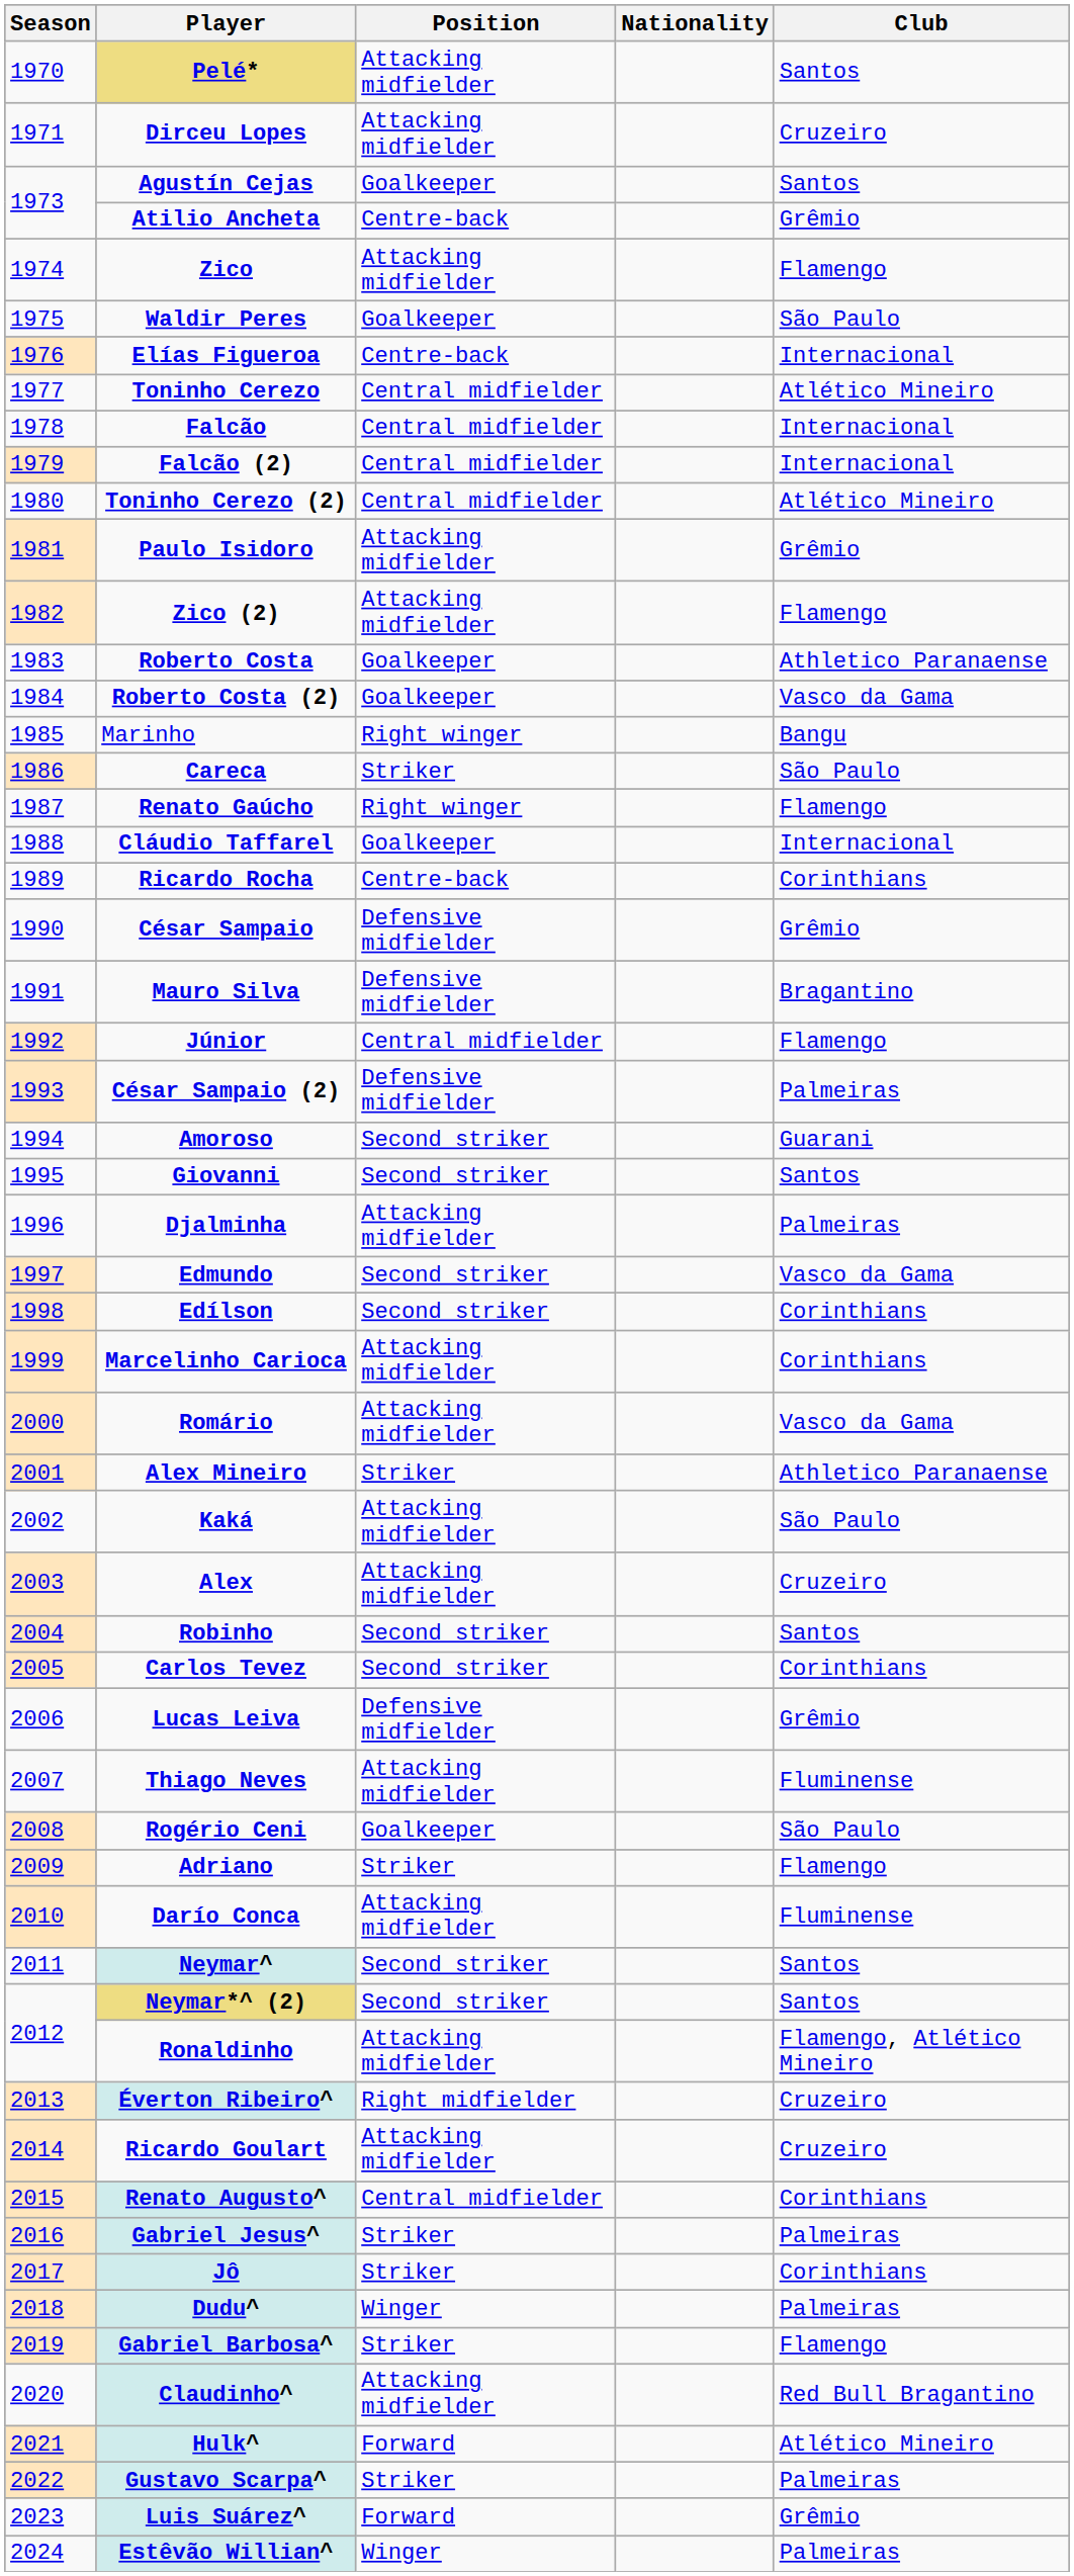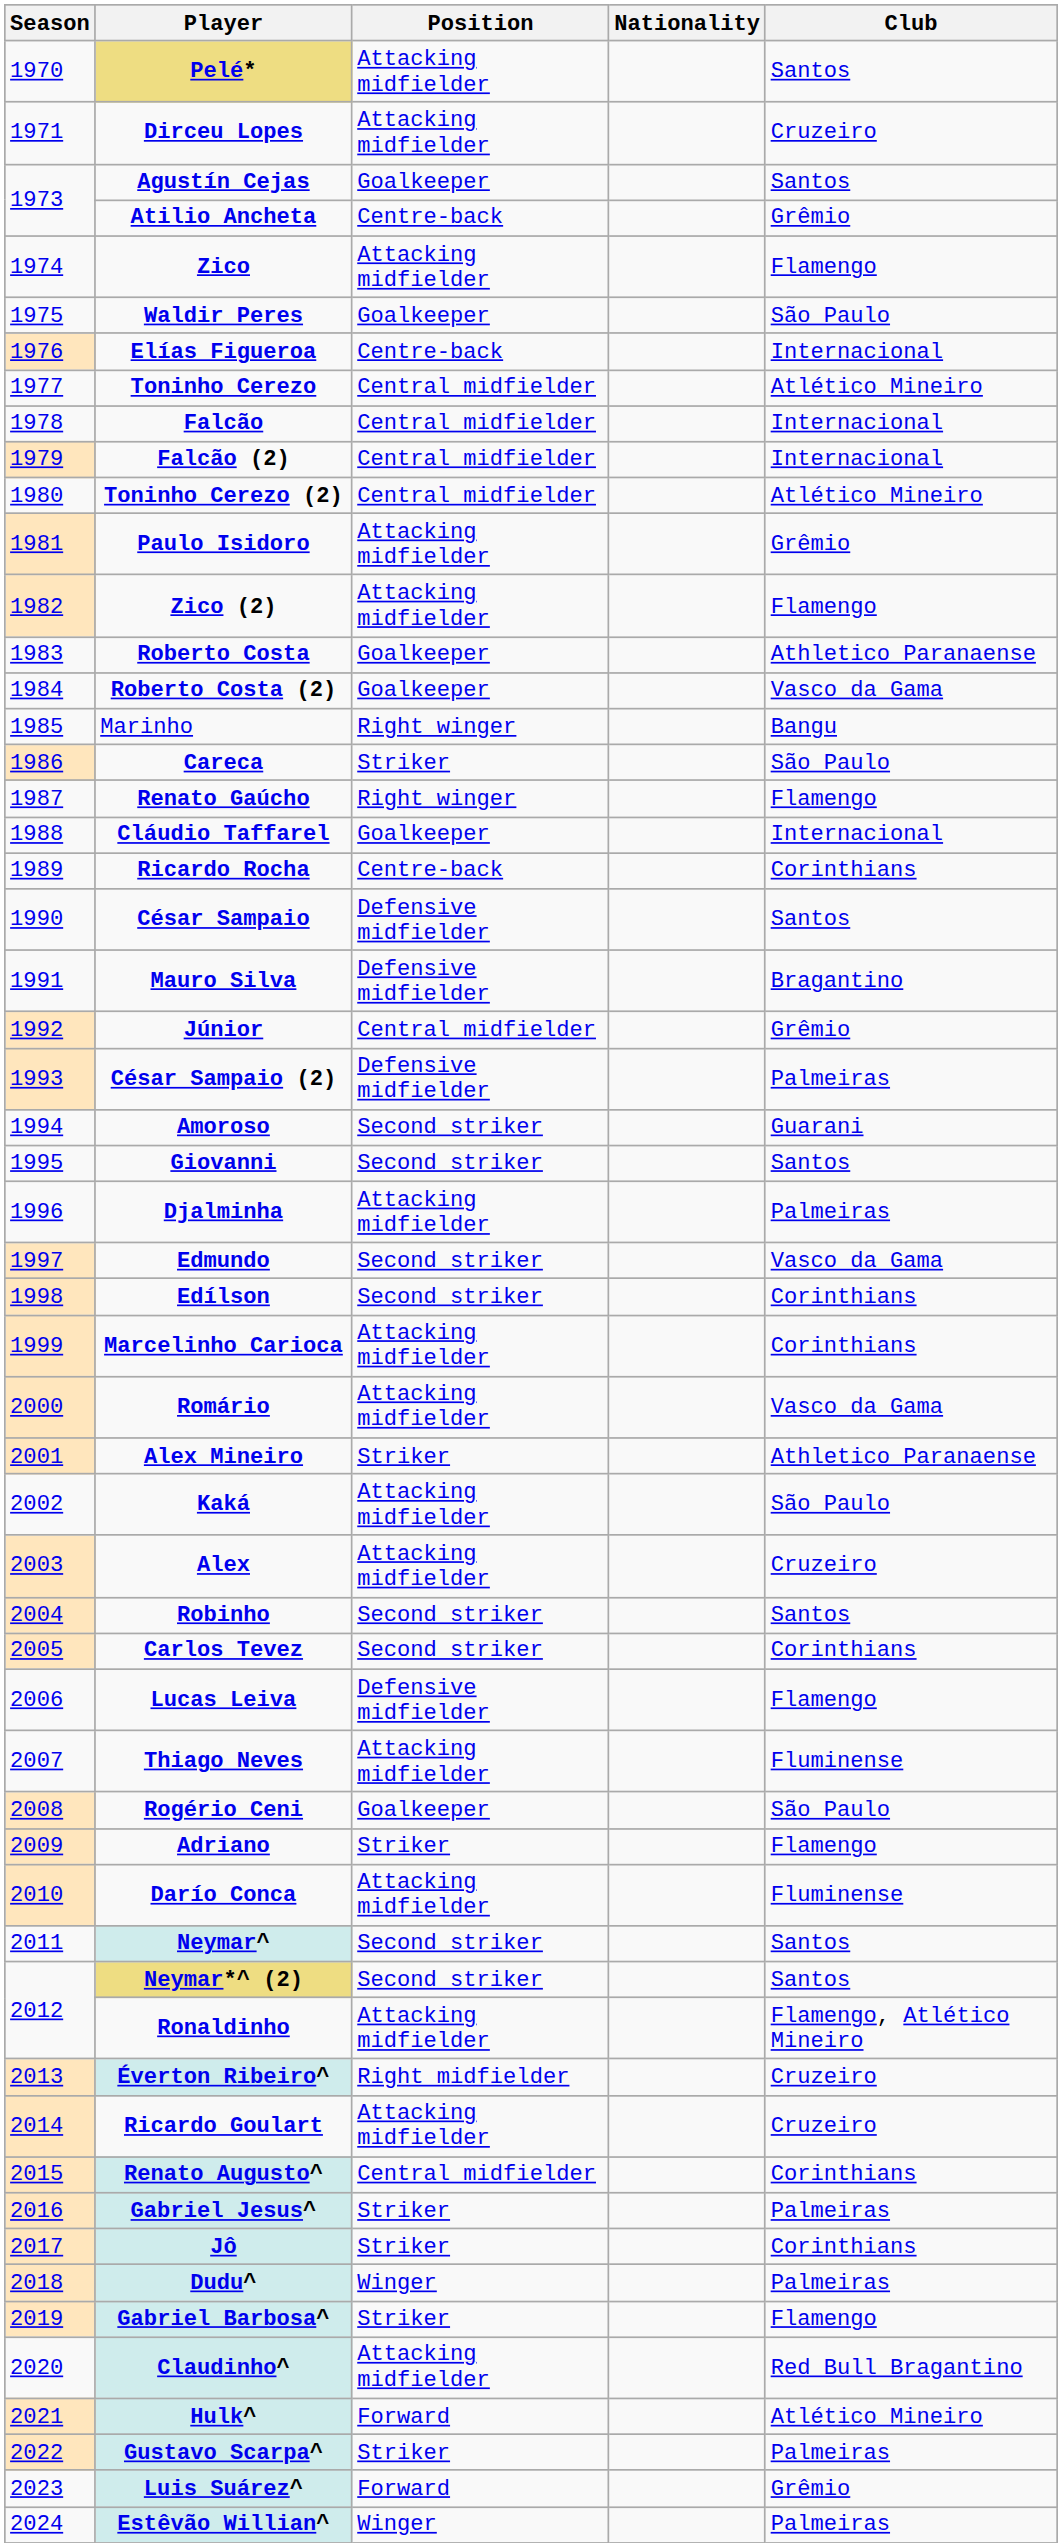 <table class="sortable wikitable plainrowheaders">
 <tr>
 <th scope="col">Season</th>
 <th scope="col" width=145px>Player</th>
 <th scope="col" width=145px>Position</th>
 <th scope="col" width=70px>Nationality</th>
 <th scope="col" width=165px>Club</th>
 </tr>
 <tr>
 <td><a href='#'>1970</a></td>
 <th style="background-color: #eedd82" scope="row"><a href='#'>Pelé</a>*</th>
 <td><a href='#'>Attacking midfielder</a></td>
 <td align=center></td>
 <td><a href='#'>Santos</a></td>
 </tr>
 <tr>
 <td><a href='#'>1971</a></td>
 <th style="background-color:transparent" scope="row"><a href='#'>Dirceu Lopes</a></th>
 <td><a href='#'>Attacking midfielder</a></td>
 <td align=center></td>
 <td><a href='#'>Cruzeiro</a></td>
 </tr>
 <tr>
 <td rowspan="2"><a href='#'>1973</a></td>
 <th style="background-color:transparent" scope="row"><a href='#'>Agustín Cejas</a></th>
 <td><a href='#'>Goalkeeper</a></td>
 <td align=center></td>
 <td><a href='#'>Santos</a></td>
 </tr>
 <tr>
 <th style="background-color:transparent" scope="row"><a href='#'>Atilio Ancheta</a></th>
 <td><a href='#'>Centre-back</a></td>
 <td align=center></td>
 <td><a href='#'>Grêmio</a></td>
 </tr>
 <tr>
 <td><a href='#'>1974</a></td>
 <th style="background-color:transparent" scope="row"><a href='#'>Zico</a></th>
 <td><a href='#'>Attacking midfielder</a></td>
 <td align=center></td>
 <td><a href='#'>Flamengo</a></td>
 </tr>
 <tr>
 <td><a href='#'>1975</a></td>
 <th style="background-color:transparent" scope="row"><a href='#'>Waldir Peres</a></th>
 <td><a href='#'>Goalkeeper</a></td>
 <td align=center></td>
 <td><a href='#'>São Paulo</a></td>
 </tr>
 <tr>
 <td style="background-color:#FFE6BD"><a href='#'>1976</a> </td>
 <th style="background-color:transparent" scope="row"><a href='#'>Elías Figueroa</a></th>
 <td><a href='#'>Centre-back</a></td>
 <td align=center></td>
 <td><a href='#'>Internacional</a></td>
 </tr>
 <tr>
 <td><a href='#'>1977</a></td>
 <th style="background-color:transparent" scope="row"><a href='#'>Toninho Cerezo</a></th>
 <td><a href='#'>Central midfielder</a></td>
 <td align=center></td>
 <td><a href='#'>Atlético Mineiro</a></td>
 </tr>
 <tr>
 <td><a href='#'>1978</a></td>
 <th style="background-color:transparent" scope="row"><a href='#'>Falcão</a></th>
 <td><a href='#'>Central midfielder</a></td>
 <td align=center></td>
 <td><a href='#'>Internacional</a></td>
 </tr>
 <tr>
 <td style="background-color:#FFE6BD"><a href='#'>1979</a> </td>
 <th style="background-color:transparent" scope="row"><a href='#'>Falcão</a> (2)</th>
 <td><a href='#'>Central midfielder</a></td>
 <td align=center></td>
 <td><a href='#'>Internacional</a></td>
 </tr>
 <tr>
 <td><a href='#'>1980</a></td>
 <th style="background-color:transparent" scope="row"><a href='#'>Toninho Cerezo</a> (2)</th>
 <td><a href='#'>Central midfielder</a></td>
 <td align=center></td>
 <td><a href='#'>Atlético Mineiro</a></td>
 </tr>
 <tr>
 <td style="background-color:#FFE6BD"><a href='#'>1981</a> </td>
 <th style="background-color:transparent" scope="row"><a href='#'>Paulo Isidoro</a></th>
 <td><a href='#'>Attacking midfielder</a></td>
 <td align=center></td>
 <td><a href='#'>Grêmio</a></td>
 </tr>
 <tr>
 <td style="background-color:#FFE6BD"><a href='#'>1982</a> </td>
 <th style="background-color:transparent" scope="row"><a href='#'>Zico</a> (2)</th>
 <td><a href='#'>Attacking midfielder</a></td>
 <td align=center></td>
 <td><a href='#'>Flamengo</a></td>
 </tr>
 <tr>
 <td><a href='#'>1983</a></td>
 <th style="background-color:transparent" scope="row"><a href='#'>Roberto Costa</a></th>
 <td><a href='#'>Goalkeeper</a></td>
 <td align=center></td>
 <td><a href='#'>Athletico Paranaense</a></td>
 </tr>
 <tr>
 <td><a href='#'>1984</a></td>
 <th style="background-color:transparent" scope="row"><a href='#'>Roberto Costa</a> (2)</th>
 <td><a href='#'>Goalkeeper</a></td>
 <td align=center></td>
 <td><a href='#'>Vasco da Gama</a></td>
 </tr>
 <tr>
 <td><a href='#'>1985</a></td>
 <td style="background-color:transparent" scope="row"><a href='#'>Marinho</a></td>
 <td><a href='#'>Right winger</a></td>
 <td align=center></td>
 <td><a href='#'>Bangu</a></td>
 </tr>
 <tr>
 <td style="background-color:#FFE6BD"><a href='#'>1986</a> </td>
 <th style="background-color:transparent" scope="row"><a href='#'>Careca</a></th>
 <td><a href='#'>Striker</a></td>
 <td align=center></td>
 <td><a href='#'>São Paulo</a></td>
 </tr>
 <tr>
 <td><a href='#'>1987</a></td>
 <th style="background-color:transparent" scope="row"><a href='#'>Renato Gaúcho</a></th>
 <td><a href='#'>Right winger</a></td>
 <td align=center></td>
 <td><a href='#'>Flamengo</a></td>
 </tr>
 <tr>
 <td><a href='#'>1988</a></td>
 <th style="background-color:transparent" scope="row"><a href='#'>Cláudio Taffarel</a></th>
 <td><a href='#'>Goalkeeper</a></td>
 <td align=center></td>
 <td><a href='#'>Internacional</a></td>
 </tr>
 <tr>
 <td><a href='#'>1989</a></td>
 <th style="background-color:transparent" scope="row"><a href='#'>Ricardo Rocha</a></th>
 <td><a href='#'>Centre-back</a></td>
 <td align=center></td>
 <td><a href='#'>Corinthians</a></td>
 </tr>
 <tr>
 <td><a href='#'>1990</a></td>
 <th style="background-color:transparent" scope="row"><a href='#'>César Sampaio</a></th>
 <td><a href='#'>Defensive midfielder</a></td>
 <td align=center></td>
-<td><a href='#'>Grêmio</a></td>
+<td><a href='#'>Santos</a></td>
 </tr>
 <tr>
 <td><a href='#'>1991</a></td>
 <th style="background-color:transparent" scope="row"><a href='#'>Mauro Silva</a></th>
 <td><a href='#'>Defensive midfielder</a></td>
 <td align=center></td>
 <td><a href='#'>Bragantino</a></td>
 </tr>
 <tr>
 <td style="background-color:#FFE6BD"><a href='#'>1992</a> </td>
 <th style="background-color:transparent" scope="row"><a href='#'>Júnior</a></th>
 <td><a href='#'>Central midfielder</a></td>
 <td align=center></td>
-<td><a href='#'>Flamengo</a></td>
+<td><a href='#'>Grêmio</a></td>
 </tr>
 <tr>
 <td style="background-color:#FFE6BD"><a href='#'>1993</a> </td>
 <th style="background-color:transparent" scope="row"><a href='#'>César Sampaio</a> (2)</th>
 <td><a href='#'>Defensive midfielder</a></td>
 <td align=center></td>
 <td><a href='#'>Palmeiras</a></td>
 </tr>
 <tr>
 <td><a href='#'>1994</a></td>
 <th style="background-color:transparent" scope="row"><a href='#'>Amoroso</a></th>
 <td><a href='#'>Second striker</a></td>
 <td align=center></td>
 <td><a href='#'>Guarani</a></td>
 </tr>
 <tr>
 <td><a href='#'>1995</a></td>
 <th style="background-color:transparent" scope="row"><a href='#'>Giovanni</a></th>
 <td><a href='#'>Second striker</a></td>
 <td align=center></td>
 <td><a href='#'>Santos</a></td>
 </tr>
 <tr>
 <td><a href='#'>1996</a></td>
 <th style="background-color:transparent" scope="row"><a href='#'>Djalminha</a></th>
 <td><a href='#'>Attacking midfielder</a></td>
 <td align=center></td>
 <td><a href='#'>Palmeiras</a></td>
 </tr>
 <tr>
 <td style="background-color:#FFE6BD"><a href='#'>1997</a> </td>
 <th style="background-color:transparent" scope="row"><a href='#'>Edmundo</a></th>
 <td><a href='#'>Second striker</a></td>
 <td align=center></td>
 <td><a href='#'>Vasco da Gama</a></td>
 </tr>
 <tr>
 <td style="background-color:#FFE6BD"><a href='#'>1998</a> </td>
 <th style="background-color:transparent" scope="row"><a href='#'>Edílson</a></th>
 <td><a href='#'>Second striker</a></td>
 <td align=center></td>
 <td><a href='#'>Corinthians</a></td>
 </tr>
 <tr>
 <td style="background-color:#FFE6BD"><a href='#'>1999</a> </td>
 <th style="background-color:transparent" scope="row"><a href='#'>Marcelinho Carioca</a></th>
 <td><a href='#'>Attacking midfielder</a></td>
 <td align=center></td>
 <td><a href='#'>Corinthians</a></td>
 </tr>
 <tr>
 <td style="background-color:#FFE6BD"><a href='#'>2000</a> </td>
 <th style="background-color:transparent" scope="row"><a href='#'>Romário</a></th>
 <td><a href='#'>Attacking midfielder</a></td>
 <td align=center></td>
 <td><a href='#'>Vasco da Gama</a></td>
 </tr>
 <tr>
 <td style="background-color:#FFE6BD"><a href='#'>2001</a> </td>
 <th style="background-color:transparent" scope="row"><a href='#'>Alex Mineiro</a></th>
 <td><a href='#'>Striker</a></td>
 <td align=center></td>
 <td><a href='#'>Athletico Paranaense</a></td>
 </tr>
 <tr>
 <td><a href='#'>2002</a></td>
 <th style="background-color:transparent" scope="row"><a href='#'>Kaká</a></th>
 <td><a href='#'>Attacking midfielder</a></td>
 <td align=center></td>
 <td><a href='#'>São Paulo</a></td>
 </tr>
 <tr>
 <td style="background-color:#FFE6BD"><a href='#'>2003</a> </td>
 <th style="background-color:transparent" scope="row"><a href='#'>Alex</a></th>
 <td><a href='#'>Attacking midfielder</a></td>
 <td align=center></td>
 <td><a href='#'>Cruzeiro</a></td>
 </tr>
 <tr>
 <td style="background-color:#FFE6BD"><a href='#'>2004</a> </td>
 <th style="background-color:transparent" scope="row"><a href='#'>Robinho</a></th>
 <td><a href='#'>Second striker</a></td>
 <td align=center></td>
 <td><a href='#'>Santos</a></td>
 </tr>
 <tr>
 <td style="background-color:#FFE6BD"><a href='#'>2005</a> </td>
 <th style="background-color:transparent" scope="row"><strong><a href='#'>Carlos Tevez</a></strong></th>
 <td><a href='#'>Second striker</a></td>
 <td align=center></td>
 <td><a href='#'>Corinthians</a></td>
 </tr>
 <tr>
 <td><a href='#'>2006</a></td>
 <th style="background-color:transparent" scope="row"><a href='#'>Lucas Leiva</a></th>
 <td><a href='#'>Defensive midfielder</a></td>
 <td align=center></td>
-<td><a href='#'>Grêmio</a></td>
+<td><a href='#'>Flamengo</a></td>
 </tr>
 <tr>
 <td><a href='#'>2007</a></td>
 <th style="background-color:transparent" scope="row"><a href='#'>Thiago Neves</a></th>
 <td><a href='#'>Attacking midfielder</a></td>
 <td align=center></td>
 <td><a href='#'>Fluminense</a></td>
 </tr>
 <tr>
 <td style="background-color:#FFE6BD"><a href='#'>2008</a> </td>
 <th style="background-color:transparent" scope="row"><a href='#'>Rogério Ceni</a></th>
 <td><a href='#'>Goalkeeper</a></td>
 <td align=center></td>
 <td><a href='#'>São Paulo</a></td>
 </tr>
 <tr>
 <td style="background-color:#FFE6BD"><a href='#'>2009</a> </td>
 <th style="background-color:transparent" scope="row"><a href='#'>Adriano</a></th>
 <td><a href='#'>Striker</a></td>
 <td align=center></td>
 <td><a href='#'>Flamengo</a></td>
 </tr>
 <tr>
 <td style="background-color:#FFE6BD"><a href='#'>2010</a> </td>
 <th style="background-color:transparent" scope="row"><strong><a href='#'>Darío Conca</a></strong></th>
 <td><a href='#'>Attacking midfielder</a></td>
 <td align=center></td>
 <td><a href='#'>Fluminense</a></td>
 </tr>
 <tr>
 <td><a href='#'>2011</a></td>
 <th style="background-color: #CFECEC" scope="row"><strong><a href='#'>Neymar</a></strong>^</th>
 <td><a href='#'>Second striker</a></td>
 <td align=center></td>
 <td><a href='#'>Santos</a></td>
 </tr>
 <tr>
 <td rowspan="2"><a href='#'>2012</a></td>
 <th style="background-color: #eedd82" scope="row"><a href='#'>Neymar</a>*^ (2)</th>
 <td><a href='#'>Second striker</a></td>
 <td align=center></td>
 <td><a href='#'>Santos</a></td>
 </tr>
 <tr>
 <th style="background-color:transparent" scope="row"><a href='#'>Ronaldinho</a></th>
 <td><a href='#'>Attacking midfielder</a></td>
 <td align=center></td>
 <td><a href='#'>Flamengo</a>, <a href='#'>Atlético Mineiro</a></td>
 </tr>
 <tr>
 <td style="background-color:#FFE6BD"><a href='#'>2013</a> </td>
 <th style="background-color: #CFECEC" scope="row"><strong><a href='#'>Éverton Ribeiro</a></strong>^</th>
 <td><a href='#'>Right midfielder</a></td>
 <td align=center></td>
 <td><a href='#'>Cruzeiro</a></td>
 </tr>
 <tr>
 <td style="background-color:#FFE6BD"><a href='#'>2014</a> </td>
 <th style="background-color:transparent" scope="row"><a href='#'>Ricardo Goulart</a></th>
 <td><a href='#'>Attacking midfielder</a></td>
 <td align=center></td>
 <td><a href='#'>Cruzeiro</a></td>
 </tr>
 <tr>
 <td style="background-color:#FFE6BD"><a href='#'>2015</a> </td>
 <th style="background-color: #CFECEC" scope="row"><strong><a href='#'>Renato Augusto</a></strong>^</th>
 <td><a href='#'>Central midfielder</a></td>
 <td align=center></td>
 <td><a href='#'>Corinthians</a></td>
 </tr>
 <tr>
 <td style="background-color:#FFE6BD"><a href='#'>2016</a> </td>
 <th style="background-color: #CFECEC" scope="row"><strong><a href='#'>Gabriel Jesus</a></strong>^</th>
 <td><a href='#'>Striker</a></td>
 <td align=center></td>
 <td><a href='#'>Palmeiras</a></td>
 </tr>
 <tr>
 <td style="background-color:#FFE6BD"><a href='#'>2017</a> </td>
 <th style="background-color: #CFECEC" scope="row"><strong><a href='#'>Jô</a></strong></th>
 <td><a href='#'>Striker</a></td>
 <td align=center></td>
 <td><a href='#'>Corinthians</a></td>
 </tr>
 <tr>
 <td style="background-color:#FFE6BD"><a href='#'>2018</a> </td>
 <th style="background-color: #CFECEC" scope="row"><strong><a href='#'>Dudu</a></strong>^</th>
 <td><a href='#'>Winger</a></td>
 <td align=center></td>
 <td><a href='#'>Palmeiras</a></td>
 </tr>
 <tr>
 <td style="background-color:#FFE6BD"><a href='#'>2019</a> </td>
 <th style="background-color: #CFECEC" scope="row"><a href='#'>Gabriel Barbosa</a>^</th>
 <td><a href='#'>Striker</a></td>
 <td align=center></td>
 <td><a href='#'>Flamengo</a></td>
 </tr>
 <tr>
 <td><a href='#'>2020</a></td>
 <th style="background-color: #CFECEC" scope="row"><strong><a href='#'>Claudinho</a></strong>^</th>
 <td><a href='#'>Attacking midfielder</a></td>
 <td align=center></td>
 <td><a href='#'>Red Bull Bragantino</a></td>
 </tr>
 <tr>
 <td style="background-color:#FFE6BD"><a href='#'>2021</a> </td>
 <th style="background-color: #CFECEC" scope="row"><strong><a href='#'>Hulk</a></strong>^</th>
 <td><a href='#'>Forward</a></td>
 <td align=center></td>
 <td><a href='#'>Atlético Mineiro</a></td>
 </tr>
 <tr>
 <td style="background-color:#FFE6BD"><a href='#'>2022</a> </td>
 <th style="background-color: #CFECEC" scope="row"><strong><a href='#'>Gustavo Scarpa</a></strong>^</th>
 <td><a href='#'>Striker</a></td>
 <td align=center></td>
 <td><a href='#'>Palmeiras</a></td>
 </tr>
 <tr>
 <td><a href='#'>2023</a></td>
 <th style="background-color: #CFECEC" scope="row"><a href='#'>Luis Suárez</a>^</th>
 <td><a href='#'>Forward</a></td>
 <td align=center></td>
 <td><a href='#'>Grêmio</a></td>
 </tr>
 <tr>
 <td><a href='#'>2024</a></td>
 <th style="background-color: #CFECEC" scope="row"><a href='#'>Estêvão Willian</a>^</th>
 <td><a href='#'>Winger</a></td>
 <td align=center></td>
 <td><a href='#'>Palmeiras</a></td>
 </tr>
 </table>
